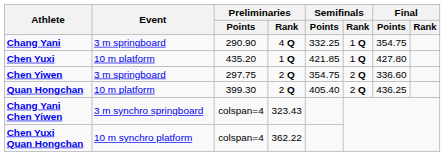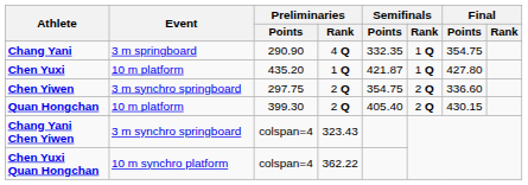 <table class="wikitable" style="text-align:center; font-size:90%; width:50%;">
 <tr>
 <th rowspan=2>Athlete</th>
 <th rowspan=2>Event</th>
 <th colspan=2>Preliminaries</th>
 <th colspan=2>Semifinals</th>
 <th colspan=2>Final</th>
 </tr>
 <tr style="font-size:95%">
 <th>Points</th>
 <th>Rank</th>
 <th>Points</th>
 <th>Rank</th>
 <th>Points</th>
 <th>Rank</th>
 </tr>
 <tr>
 <td align=left><strong><a href='#'>Chang Yani</a></strong></td>
 <td align=left><a href='#'>3 m springboard</a></td>
 <td>290.90</td>
 <td>4 <strong>Q</strong></td>
-<td>332.25</td>
+<td>332.35</td>
 <td>1 <strong>Q</strong></td>
 <td>354.75</td>
 <td></td>
 </tr>
 <tr>
 <td align=left><strong><a href='#'>Chen Yuxi</a></strong></td>
 <td align=left><a href='#'>10 m platform</a></td>
 <td>435.20</td>
 <td>1 <strong>Q</strong></td>
-<td>421.85</td>
+<td>421.87</td>
 <td>1 <strong>Q</strong></td>
 <td>427.80</td>
 <td></td>
 </tr>
 <tr>
 <td align=left><strong><a href='#'>Chen Yiwen</a></strong></td>
-<td align=left><a href='#'>3 m springboard</a></td>
+<td align=left><a href='#'>3 m synchro springboard</a></td>
 <td>297.75</td>
 <td>2 <strong>Q</strong></td>
 <td>354.75</td>
 <td>2 <strong>Q</strong></td>
 <td>336.60</td>
 <td></td>
 </tr>
 <tr>
 <td align=left><strong><a href='#'>Quan Hongchan</a></strong></td>
 <td align=left><a href='#'>10 m platform</a></td>
 <td>399.30</td>
 <td>2 <strong>Q</strong></td>
 <td>405.40</td>
 <td>2 <strong>Q</strong></td>
-<td>436.25</td>
+<td>430.15</td>
 <td></td>
 </tr>
 <tr>
 <td align=left><strong><a href='#'>Chang Yani</a><br> <a href='#'>Chen Yiwen</a></strong></td>
 <td align=left><a href='#'>3 m synchro springboard</a></td>
 <td>colspan=4 </td>
 <td>323.43</td>
 <td></td>
 </tr>
 <tr>
 <td align=left><strong><a href='#'>Chen Yuxi</a><br> <a href='#'>Quan Hongchan</a></strong></td>
 <td align=left><a href='#'>10 m synchro platform</a></td>
 <td>colspan=4 </td>
 <td>362.22</td>
 <td></td>
 </tr>
 </table>
